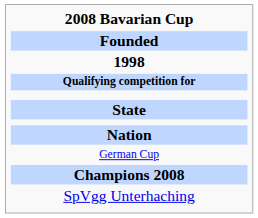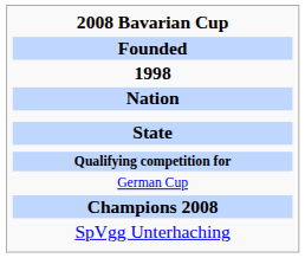 <table class="infobox football" style="width: 16em; text-align: center;">
 <tr>
 <th style="">2008 Bavarian Cup</th>
 </tr>
 <tr>
 <td style="background: #BFD7FF;"><strong>Founded</strong></td>
 </tr>
 <tr>
 <td style=""><strong>1998</strong></td>
 </tr>
 <tr>
-<td style="font-size: 12px; background: #BFD7FF;"><strong>Qualifying competition for</strong></td>
+<td style="background: #BFD7FF;"><strong>Nation</strong></td>
 </tr>
 <tr>
 <td style=""></td>
 </tr>
 <tr>
 <td style="line-height: 15px;"></td>
 </tr>
 <tr>
 <td style="background: #BFD7FF;"><strong>State</strong></td>
 </tr>
 <tr>
 <td style=""></td>
 </tr>
 <tr>
-<td style="background: #BFD7FF;"><strong>Nation</strong></td>
+<td style="font-size: 12px; background: #BFD7FF;"><strong>Qualifying competition for</strong></td>
 </tr>
 <tr>
 <td style="font-size: 12px;"><a href='#'>German Cup</a></td>
 </tr>
 <tr>
 <td style="background: #BFD7FF;"><strong>Champions 2008</strong></td>
 </tr>
 <tr>
 <td style=""><a href='#'>SpVgg Unterhaching</a></td>
 </tr>
 <tr>
 </tr>
 </table>
